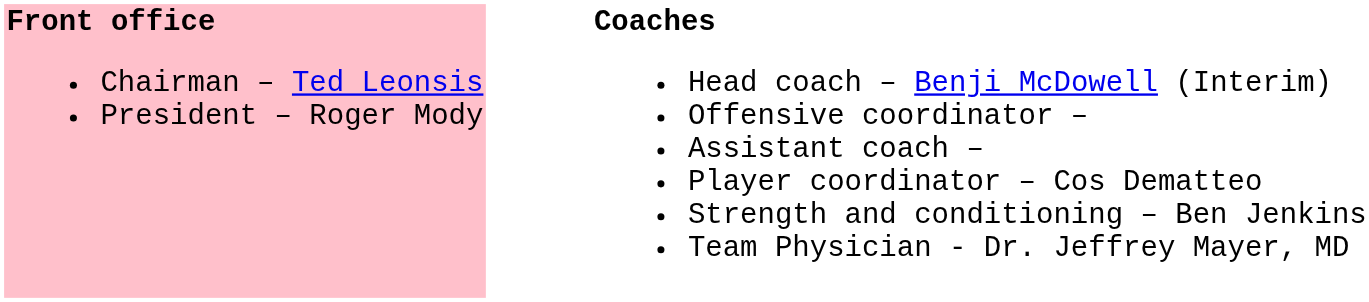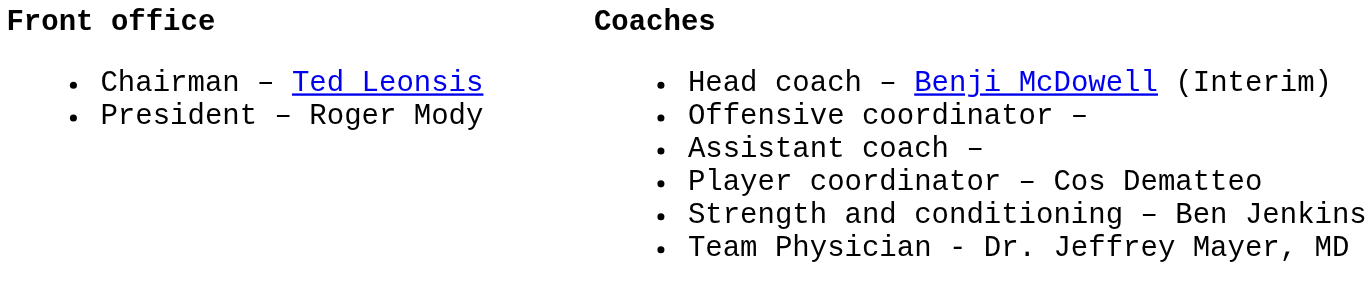 <table class="toccolours" style="text-align: left;">
 <tr>
 <td colspan=7 align="right"></td>
 </tr>
 <tr>
 <td valign="top"></td>
-<td style="background: pink; font-size: 95%;" valign="top"><strong>Front office</strong><br><ul><li>Chairman – 	<a href='#'>Ted Leonsis</a></li><li>President – Roger Mody</li></ul></td>
+<td style="font-size: 95%;" valign="top"><strong>Front office</strong><br><ul><li>Chairman – 	<a href='#'>Ted Leonsis</a></li><li>President – Roger Mody</li></ul></td>
 <td width="35"> </td>
 <td valign="top"></td>
 <td style="font-size: 95%;" valign="top"><strong>Coaches</strong><br><ul><li>Head coach – <a href='#'>Benji McDowell</a> (Interim)</li><li>Offensive coordinator –</li><li>Assistant coach –</li><li>Player coordinator – Cos Dematteo</li><li>Strength and conditioning – Ben Jenkins</li><li>Team Physician - Dr. Jeffrey Mayer, MD</li></ul></td>
 </tr>
 </table>
